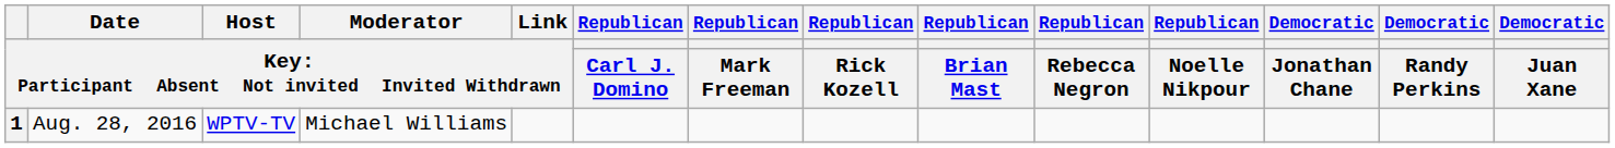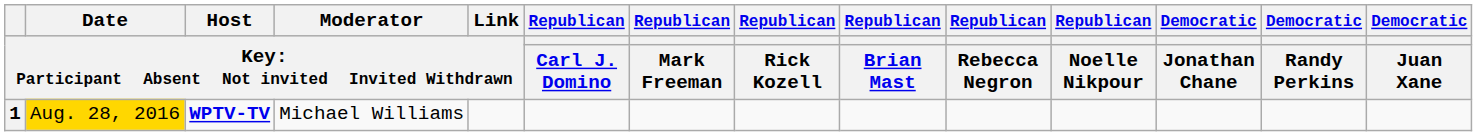 <table class="wikitable" style="text-align:center;">
 <tr>
 <th scope="col"></th>
 <th scope="col">Date</th>
 <th scope="col">Host</th>
 <th scope="col">Moderator</th>
 <th scope="col">Link</th>
 <th scope="col"><small><a href='#'>Republican</a></small></th>
 <th scope="col"><small><a href='#'>Republican</a></small></th>
 <th scope="col"><small><a href='#'>Republican</a></small></th>
 <th scope="col"><small><a href='#'>Republican</a></small></th>
 <th scope="col"><small><a href='#'>Republican</a></small></th>
 <th scope="col"><small><a href='#'>Republican</a></small></th>
 <th scope="col"><small><a href='#'>Democratic</a></small></th>
 <th scope="col"><small><a href='#'>Democratic</a></small></th>
 <th scope="col"><small><a href='#'>Democratic</a></small></th>
 </tr>
 <tr>
 <th colspan="5" rowspan="2">Key:<br> <small>Participant </small>  <small>Absent </small>  <small>Not invited </small>  <small>Invited  Withdrawn</small></th>
 <th scope="col" style="background:"></th>
 <th scope="col" style="background:"></th>
 <th scope="col" style="background:"></th>
 <th scope="col" style="background:"></th>
 <th scope="col" style="background:"></th>
 <th scope="col" style="background:"></th>
 <th scope="col" style="background:"></th>
 <th scope="col" style="background:"></th>
 <th scope="col" style="background:"></th>
 </tr>
 <tr>
 <th scope="col"><a href='#'>Carl J. Domino</a></th>
 <th scope="col">Mark Freeman</th>
 <th scope="col">Rick Kozell</th>
 <th scope="col"><a href='#'>Brian Mast</a></th>
 <th scope="col">Rebecca Negron</th>
 <th scope="col">Noelle Nikpour</th>
 <th scope="col">Jonathan Chane</th>
 <th scope="col">Randy Perkins</th>
 <th scope="col">Juan Xane</th>
 </tr>
 <tr>
 <th>1</th>
-<td style="white-space:nowrap;">Aug. 28, 2016</td>
-<td style="white-space:nowrap;"><a href='#'>WPTV-TV</a></td>
+<td style="background: gold; white-space:nowrap;">Aug. 28, 2016</td>
+<td style="white-space:nowrap;"><strong><a href='#'>WPTV-TV</a></strong></td>
 <td style="white-space:nowrap;">Michael Williams</td>
 <td style="white-space:nowrap;"></td>
 <td></td>
 <td></td>
 <td></td>
 <td></td>
 <td></td>
 <td></td>
 <td></td>
 <td></td>
 <td></td>
 </tr>
 </table>
